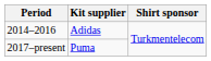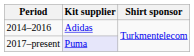 <table class="wikitable" style="text-align: left">
 <tr>
 <th>Period</th>
 <th>Kit supplier</th>
 <th>Shirt sponsor</th>
 </tr>
 <tr>
 <td>2014–2016</td>
 <td><a href='#'>Adidas</a></td>
 <td rowspan="2"><a href='#'>Turkmentelecom</a></td>
 </tr>
 <tr>
 <td>2017–present</td>
-<td><a href='#'>Puma</a></td>
+<td style="background: lavender;"><a href='#'>Puma</a></td>
 </tr>
 </table>
